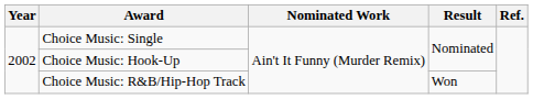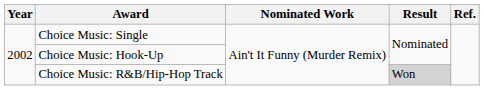 <table class="wikitable">
 <tr>
 <th>Year</th>
 <th>Award</th>
 <th>Nominated Work</th>
 <th>Result</th>
 <th>Ref.</th>
 </tr>
 <tr>
 <td rowspan="3">2002</td>
 <td>Choice Music: Single</td>
 <td rowspan="3">Ain't It Funny (Murder Remix)</td>
 <td rowspan="2">Nominated</td>
 <td rowspan="3"></td>
 </tr>
 <tr>
 <td>Choice Music: Hook-Up</td>
 </tr>
 <tr>
 <td>Choice Music: R&B/Hip-Hop Track</td>
-<td>Won</td>
+<td style="background: lightgrey;">Won</td>
 </tr>
 </table>
